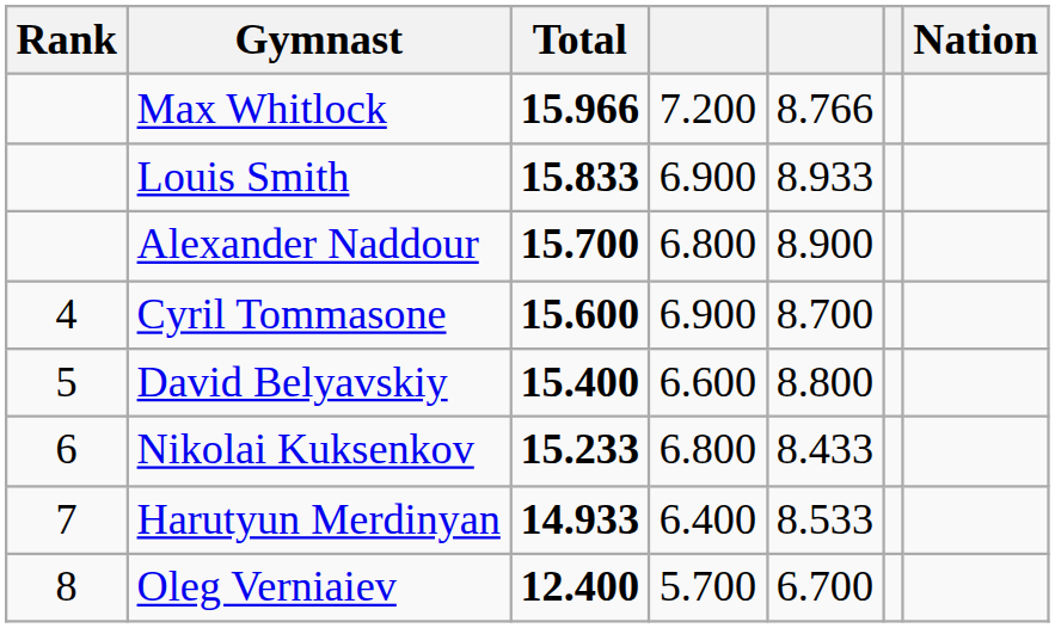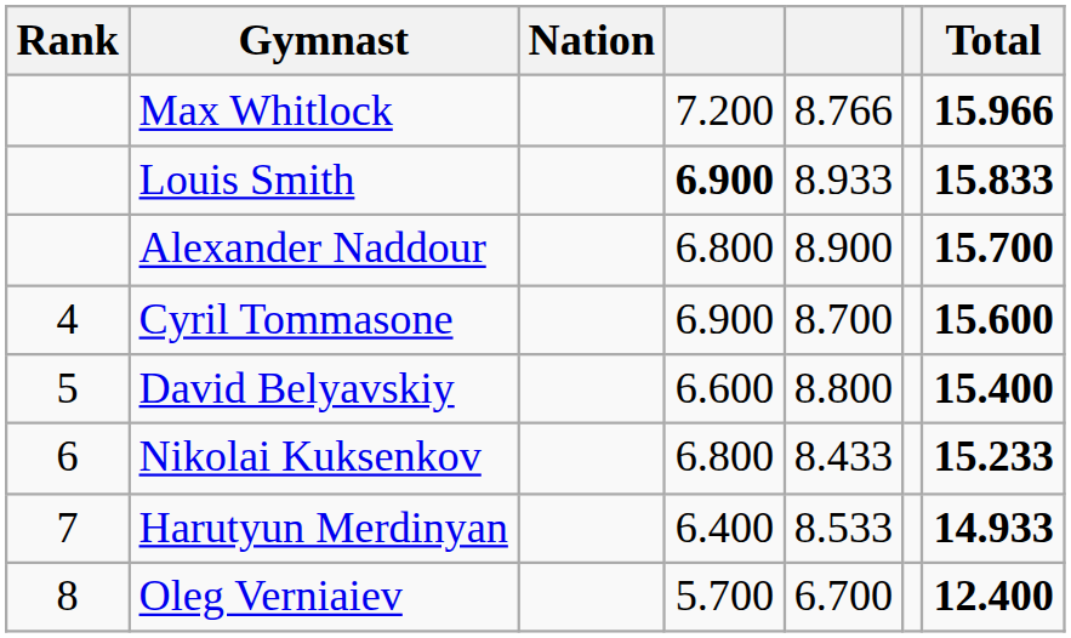 <table class="wikitable sortable" style="text-align:center">
 <tr>
 <th>Rank</th>
 <th>Gymnast</th>
-<th>Total</th>
+<th>Nation</th>
 <th></th>
 <th></th>
 <th></th>
-<th>Nation</th>
+<th>Total</th>
 </tr>
 <tr>
 <td></td>
 <td align=left><a href='#'>Max Whitlock</a></td>
-<td><strong>15.966</strong></td>
+<td align=left></td>
 <td>7.200</td>
 <td>8.766</td>
 <td></td>
-<td align=left></td>
+<td><strong>15.966</strong></td>
 </tr>
 <tr>
 <td></td>
 <td align=left><a href='#'>Louis Smith</a></td>
-<td><strong>15.833</strong></td>
-<td>6.900</td>
+<td align=left></td>
+<td><strong>6.900</strong></td>
 <td>8.933</td>
 <td></td>
-<td align=left></td>
+<td><strong>15.833</strong></td>
 </tr>
 <tr>
 <td></td>
 <td align=left><a href='#'>Alexander Naddour</a></td>
-<td><strong>15.700</strong></td>
+<td align=left></td>
 <td>6.800</td>
 <td>8.900</td>
 <td></td>
-<td align=left></td>
+<td><strong>15.700</strong></td>
 </tr>
 <tr>
 <td>4</td>
 <td align=left><a href='#'>Cyril Tommasone</a></td>
-<td><strong>15.600</strong></td>
+<td align=left></td>
 <td>6.900</td>
 <td>8.700</td>
 <td></td>
-<td align=left></td>
+<td><strong>15.600</strong></td>
 </tr>
 <tr>
 <td>5</td>
 <td align=left><a href='#'>David Belyavskiy</a></td>
-<td><strong>15.400</strong></td>
+<td align=left></td>
 <td>6.600</td>
 <td>8.800</td>
 <td></td>
-<td align=left></td>
+<td><strong>15.400</strong></td>
 </tr>
 <tr>
 <td>6</td>
 <td align=left><a href='#'>Nikolai Kuksenkov</a></td>
-<td><strong>15.233</strong></td>
+<td align=left></td>
 <td>6.800</td>
 <td>8.433</td>
 <td></td>
-<td align=left></td>
+<td><strong>15.233</strong></td>
 </tr>
 <tr>
 <td>7</td>
 <td align=left><a href='#'>Harutyun Merdinyan</a></td>
-<td><strong>14.933</strong></td>
+<td align=left></td>
 <td>6.400</td>
 <td>8.533</td>
 <td></td>
-<td align=left></td>
+<td><strong>14.933</strong></td>
 </tr>
 <tr>
 <td>8</td>
 <td align=left><a href='#'>Oleg Verniaiev</a></td>
-<td><strong>12.400</strong></td>
+<td align=left></td>
 <td>5.700</td>
 <td>6.700</td>
 <td></td>
-<td align=left></td>
+<td><strong>12.400</strong></td>
 </tr>
 </table>
